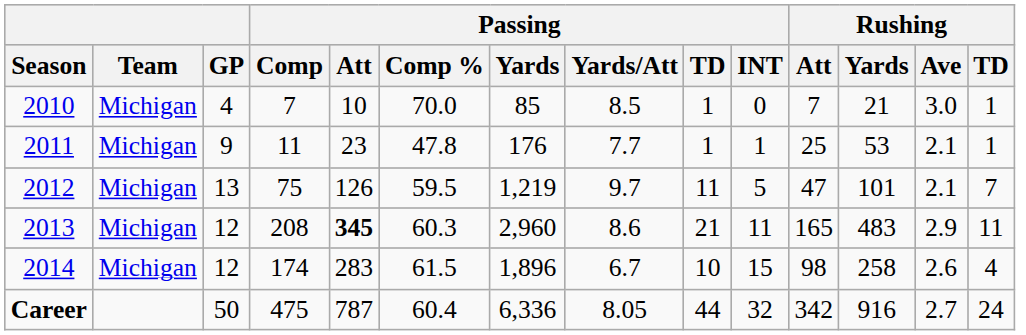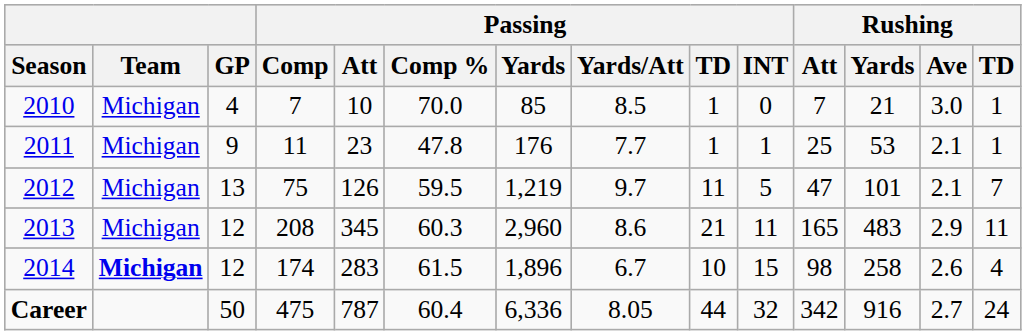 <table class="wikitable sortable" style="text-align:center">
 <tr>
 <th colspan="3"></th>
 <th colspan="7">Passing</th>
 <th colspan="4">Rushing</th>
 </tr>
 <tr>
 <th>Season</th>
 <th>Team</th>
 <th>GP</th>
 <th>Comp</th>
 <th>Att</th>
 <th>Comp %</th>
 <th>Yards</th>
 <th>Yards/Att</th>
 <th>TD</th>
 <th>INT</th>
 <th>Att</th>
 <th>Yards</th>
 <th>Ave</th>
 <th>TD</th>
 </tr>
 <tr>
 <td><a href='#'>2010</a></td>
 <td><a href='#'>Michigan</a></td>
 <td>4</td>
 <td>7</td>
 <td>10</td>
 <td>70.0</td>
 <td>85</td>
 <td>8.5</td>
 <td>1</td>
 <td>0</td>
 <td>7</td>
 <td>21</td>
 <td>3.0</td>
 <td>1</td>
 </tr>
 <tr>
 <td><a href='#'>2011</a></td>
 <td><a href='#'>Michigan</a></td>
 <td>9</td>
 <td>11</td>
 <td>23</td>
 <td>47.8</td>
 <td>176</td>
 <td>7.7</td>
 <td>1</td>
 <td>1</td>
 <td>25</td>
 <td>53</td>
 <td>2.1</td>
 <td>1</td>
 </tr>
 <tr>
 <td><a href='#'>2012</a></td>
 <td><a href='#'>Michigan</a></td>
 <td>13</td>
 <td>75</td>
 <td>126</td>
 <td>59.5</td>
 <td>1,219</td>
 <td>9.7</td>
 <td>11</td>
 <td>5</td>
 <td>47</td>
 <td>101</td>
 <td>2.1</td>
 <td>7</td>
 </tr>
 <tr>
 <td><a href='#'>2013</a></td>
 <td><a href='#'>Michigan</a></td>
 <td>12</td>
 <td>208</td>
-<td><strong>345</strong></td>
+<td>345</td>
 <td>60.3</td>
 <td>2,960</td>
 <td>8.6</td>
 <td>21</td>
 <td>11</td>
 <td>165</td>
 <td>483</td>
 <td>2.9</td>
 <td>11</td>
 </tr>
 <tr>
 <td><a href='#'>2014</a></td>
-<td><a href='#'>Michigan</a></td>
+<td><strong><a href='#'>Michigan</a></strong></td>
 <td>12</td>
 <td>174</td>
 <td>283</td>
 <td>61.5</td>
 <td>1,896</td>
 <td>6.7</td>
 <td>10</td>
 <td>15</td>
 <td>98</td>
 <td>258</td>
 <td>2.6</td>
 <td>4</td>
 </tr>
 <tr>
 <td><strong>Career</strong></td>
 <td></td>
 <td>50</td>
 <td>475</td>
 <td>787</td>
 <td>60.4</td>
 <td>6,336</td>
 <td>8.05</td>
 <td>44</td>
 <td>32</td>
 <td>342</td>
 <td>916</td>
 <td>2.7</td>
 <td>24</td>
 </tr>
 </table>
